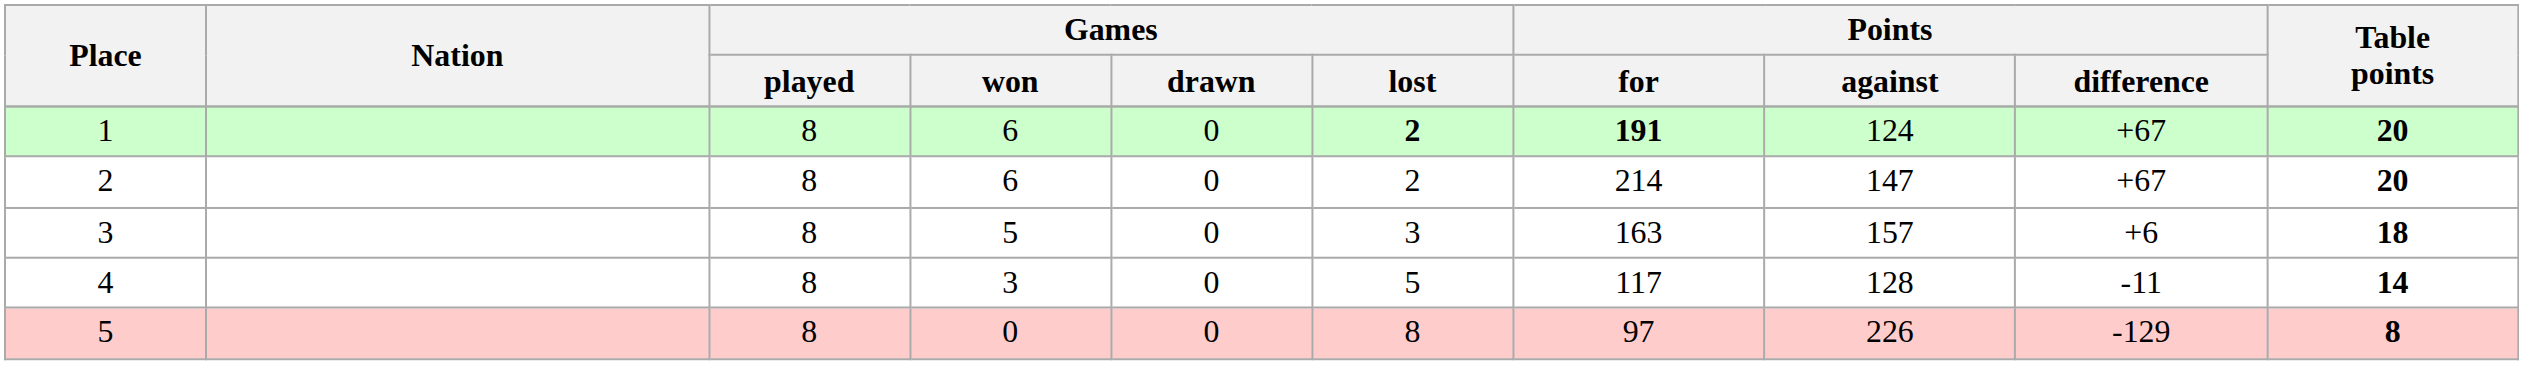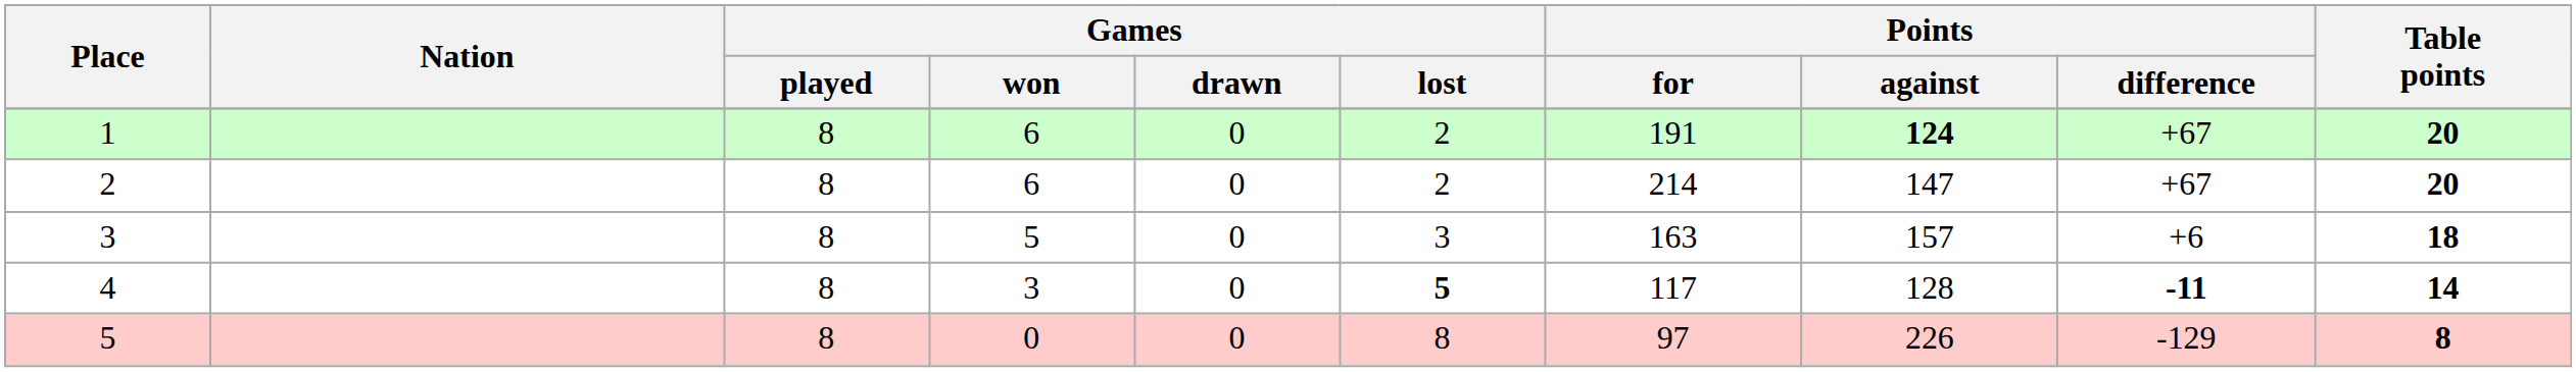 <table class="wikitable" width="100%">
 <tr>
 <th rowspan=2 width="8%">Place</th>
 <th rowspan=2 width="20%">Nation</th>
 <th colspan=4 width="32%">Games</th>
 <th colspan=3 width="30%">Points</th>
 <th rowspan=2 width="10%">Table<br>points</th>
 </tr>
 <tr>
 <th width="8%">played</th>
 <th width="8%">won</th>
 <th width="8%">drawn</th>
 <th width="8%">lost</th>
 <th width="10%">for</th>
 <th width="10%">against</th>
 <th width="10%">difference</th>
 </tr>
 <tr>
 </tr>
 <tr bgcolor=#ccffcc align=center>
 <td>1</td>
 <td align=left></td>
 <td>8</td>
 <td>6</td>
 <td>0</td>
-<td><strong>2</strong></td>
-<td><strong>191</strong></td>
-<td>124</td>
+<td>2</td>
+<td>191</td>
+<td><strong>124</strong></td>
 <td>+67</td>
 <td><strong>20</strong></td>
 </tr>
 <tr bgcolor=#ffffff align=center>
 <td>2</td>
 <td align=left></td>
 <td>8</td>
 <td>6</td>
 <td>0</td>
 <td>2</td>
 <td>214</td>
 <td>147</td>
 <td>+67</td>
 <td><strong>20</strong></td>
 </tr>
 <tr bgcolor=#ffffff align=center>
 <td>3</td>
 <td align=left></td>
 <td>8</td>
 <td>5</td>
 <td>0</td>
 <td>3</td>
 <td>163</td>
 <td>157</td>
 <td>+6</td>
 <td><strong>18</strong></td>
 </tr>
 <tr bgcolor=#ffffff align=center>
 <td>4</td>
 <td align=left></td>
 <td>8</td>
 <td>3</td>
 <td>0</td>
-<td>5</td>
+<td><strong>5</strong></td>
 <td>117</td>
 <td>128</td>
-<td>-11</td>
+<td><strong>-11</strong></td>
 <td><strong>14</strong></td>
 </tr>
 <tr bgcolor=#ffcccc align=center>
 <td>5</td>
 <td align=left></td>
 <td>8</td>
 <td>0</td>
 <td>0</td>
 <td>8</td>
 <td>97</td>
 <td>226</td>
 <td>-129</td>
 <td><strong>8</strong></td>
 </tr>
 </table>
